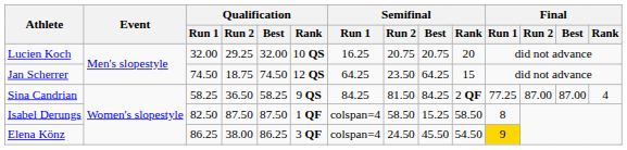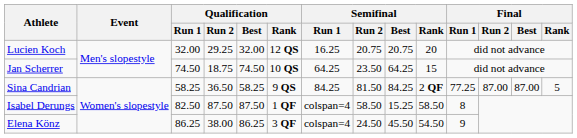 <table class="wikitable" style="font-size:90%">
 <tr>
 <th rowspan="2">Athlete</th>
 <th rowspan="2">Event</th>
 <th colspan="4">Qualification</th>
 <th colspan="4">Semifinal</th>
 <th colspan="4">Final</th>
 </tr>
 <tr style="font-size:95%">
 <th>Run 1</th>
 <th>Run 2</th>
 <th>Best</th>
 <th>Rank</th>
 <th>Run 1</th>
 <th>Run 2</th>
 <th>Best</th>
 <th>Rank</th>
 <th>Run 1</th>
 <th>Run 2</th>
 <th>Best</th>
 <th>Rank</th>
 </tr>
 <tr align=center>
 <td align=left><a href='#'>Lucien Koch</a></td>
 <td align=left rowspan=2><a href='#'>Men's slopestyle</a></td>
 <td>32.00</td>
 <td>29.25</td>
 <td>32.00</td>
-<td>10 <strong>QS</strong></td>
+<td>12 <strong>QS</strong></td>
 <td>16.25</td>
 <td>20.75</td>
 <td>20.75</td>
 <td>20</td>
 <td colspan=4>did not advance</td>
 </tr>
 <tr align=center>
 <td align=left><a href='#'>Jan Scherrer</a></td>
 <td>74.50</td>
 <td>18.75</td>
 <td>74.50</td>
-<td>12 <strong>QS</strong></td>
+<td>10 <strong>QS</strong></td>
 <td>64.25</td>
 <td>23.50</td>
 <td>64.25</td>
 <td>15</td>
 <td colspan=4>did not advance</td>
 </tr>
 <tr align=center>
 <td align=left><a href='#'>Sina Candrian</a></td>
 <td align=left rowspan=3><a href='#'>Women's slopestyle</a></td>
 <td>58.25</td>
 <td>36.50</td>
 <td>58.25</td>
 <td>9 <strong>QS</strong></td>
 <td>84.25</td>
 <td>81.50</td>
 <td>84.25</td>
 <td>2 <strong>QF</strong></td>
 <td>77.25</td>
 <td>87.00</td>
 <td>87.00</td>
-<td>4</td>
+<td>5</td>
 </tr>
 <tr align=center>
 <td align=left><a href='#'>Isabel Derungs</a></td>
 <td>82.50</td>
 <td>87.50</td>
 <td>87.50</td>
 <td>1 <strong>QF</strong></td>
 <td>colspan=4 </td>
 <td>58.50</td>
 <td>15.25</td>
 <td>58.50</td>
 <td>8</td>
 </tr>
 <tr align=center>
 <td align=left><a href='#'>Elena Könz</a></td>
 <td>86.25</td>
 <td>38.00</td>
 <td>86.25</td>
 <td>3 <strong>QF</strong></td>
 <td>colspan=4 </td>
 <td>24.50</td>
 <td>45.50</td>
 <td>54.50</td>
-<td style="background: gold;">9</td>
+<td>9</td>
 </tr>
 </table>
